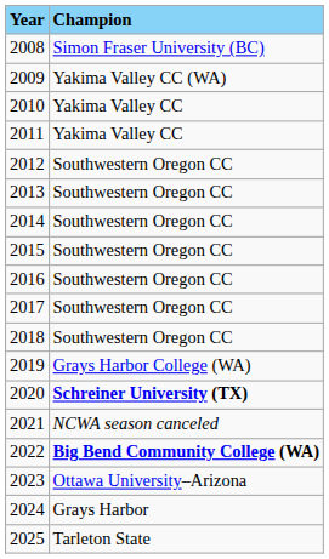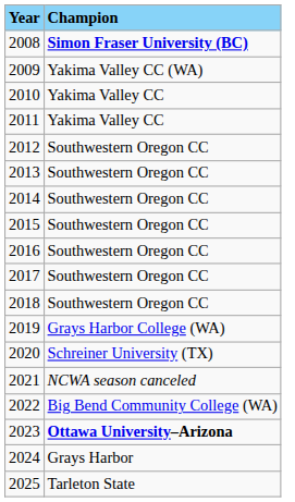 <table class="wikitable" style="font-size:85%;">
 <tr ! style="background-color: #87D3F8;">
 <td><strong>Year</strong></td>
 <td><strong>Champion</strong></td>
 </tr>
 <tr --->
 <td>2008</td>
-<td><a href='#'>Simon Fraser University (BC)</a></td>
+<td><strong><a href='#'>Simon Fraser University (BC)</a></strong></td>
 </tr>
 <tr --->
 <td>2009</td>
 <td>Yakima Valley CC (WA)</td>
 </tr>
 <tr --->
 <td>2010</td>
 <td>Yakima Valley CC</td>
 </tr>
 <tr --->
 <td>2011</td>
 <td>Yakima Valley CC</td>
 </tr>
 <tr --->
 <td>2012</td>
 <td>Southwestern Oregon CC</td>
 </tr>
 <tr --->
 <td>2013</td>
 <td>Southwestern Oregon CC</td>
 </tr>
 <tr --->
 <td>2014</td>
 <td>Southwestern Oregon CC</td>
 </tr>
 <tr --->
 <td>2015</td>
 <td>Southwestern Oregon CC</td>
 </tr>
 <tr --->
 <td>2016</td>
 <td>Southwestern Oregon CC</td>
 </tr>
 <tr --->
 <td>2017</td>
 <td>Southwestern Oregon CC</td>
 </tr>
 <tr --->
 <td>2018</td>
 <td>Southwestern Oregon CC</td>
 </tr>
 <tr --->
 <td>2019</td>
 <td><a href='#'>Grays Harbor College</a> (WA)</td>
 </tr>
 <tr --->
 <td>2020</td>
-<td><strong><a href='#'>Schreiner University</a> (TX)</strong></td>
+<td><a href='#'>Schreiner University</a> (TX)</td>
 </tr>
 <tr --->
 <td>2021</td>
 <td><em>NCWA season canceled</em></td>
 </tr>
 <tr --->
 <td>2022</td>
-<td><strong><a href='#'>Big Bend Community College</a> (WA)</strong></td>
+<td><a href='#'>Big Bend Community College</a> (WA)</td>
 </tr>
 <tr --->
 <td>2023</td>
-<td><a href='#'>Ottawa University</a>–Arizona</td>
+<td><strong><a href='#'>Ottawa University</a>–Arizona</strong></td>
 </tr>
 <tr --->
 <td>2024</td>
 <td>Grays Harbor</td>
 </tr>
 <tr --->
 <td>2025</td>
 <td>Tarleton State</td>
 </tr>
 </table>
